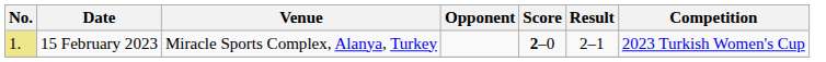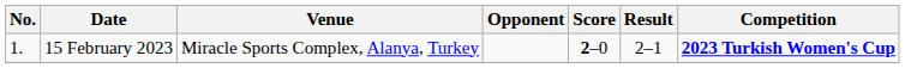 <table class="wikitable">
 <tr>
 <th>No.</th>
 <th>Date</th>
 <th>Venue</th>
 <th>Opponent</th>
 <th>Score</th>
 <th>Result</th>
 <th>Competition</th>
 </tr>
 <tr>
-<td style="background: khaki;">1.</td>
+<td>1.</td>
 <td>15 February 2023</td>
 <td>Miracle Sports Complex, <a href='#'>Alanya</a>, <a href='#'>Turkey</a></td>
 <td></td>
 <td align=center><strong>2</strong>–0</td>
 <td align=center>2–1</td>
-<td><a href='#'>2023 Turkish Women's Cup</a></td>
+<td><strong><a href='#'>2023 Turkish Women's Cup</a></strong></td>
 </tr>
 <tr>
 </tr>
 </table>
